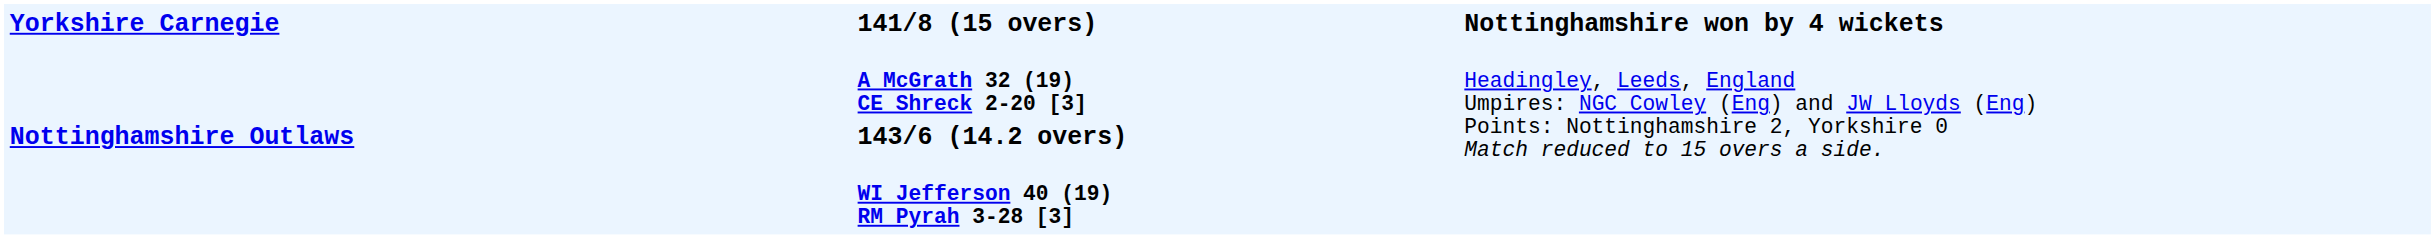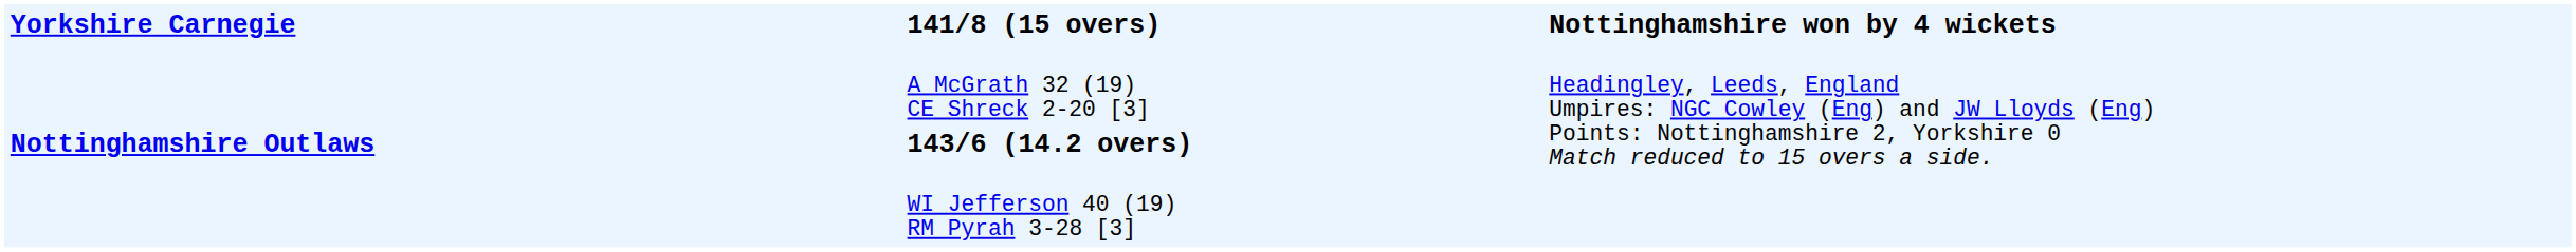 <table style="width:100%; background:#ebf5ff;">
 <tr>
 <td style="width:35%; vertical-align:top;" rowspan="2"><strong><a href='#'>Yorkshire Carnegie</a></strong></td>
 <td style="width:25%;"><strong>141/8 (15 overs)</strong></td>
 <td style="width:40%;"><strong>Nottinghamshire won by 4 wickets</strong></td>
 </tr>
 <tr>
-<td style="font-size: 85%;"><strong><br><a href='#'>A McGrath</a> 32 (19)<br> <a href='#'>CE Shreck</a> 2-20 [3]</strong></td>
+<td style="font-size: 85%;"><br><a href='#'>A McGrath</a> 32 (19)<br> <a href='#'>CE Shreck</a> 2-20 [3]</td>
 <td style="vertical-align:top; font-size:85%;" rowspan="3"><br><a href='#'>Headingley</a>, <a href='#'>Leeds</a>, <a href='#'>England</a><br> Umpires: <a href='#'>NGC Cowley</a> (<a href='#'>Eng</a>) and <a href='#'>JW Lloyds</a> (<a href='#'>Eng</a>)<br> Points: Nottinghamshire 2, Yorkshire 0<br><em>Match reduced to 15 overs a side.</em></td>
 </tr>
 <tr>
 <td style="vertical-align:top;" rowspan="2"><strong><a href='#'>Nottinghamshire Outlaws</a></strong></td>
 <td><strong>143/6 (14.2 overs)</strong></td>
 </tr>
 <tr>
-<td style="font-size: 85%;"><strong><br><a href='#'>WI Jefferson</a> 40 (19)<br> <a href='#'>RM Pyrah</a> 3-28 [3]</strong></td>
+<td style="font-size: 85%;"><br><a href='#'>WI Jefferson</a> 40 (19)<br> <a href='#'>RM Pyrah</a> 3-28 [3]</td>
 </tr>
 </table>
